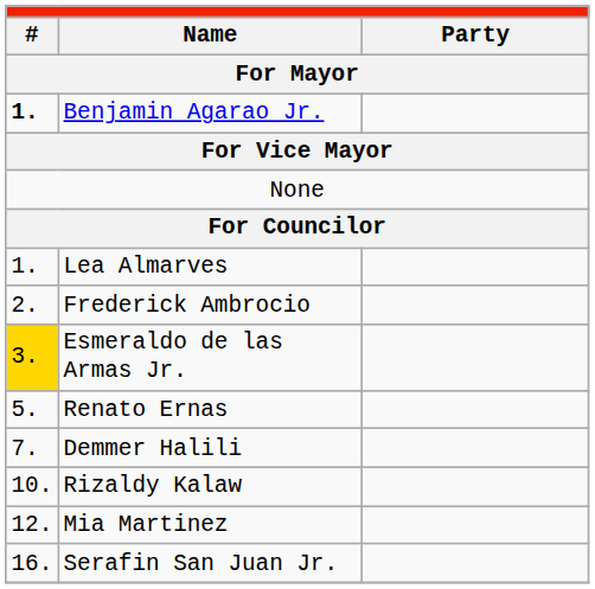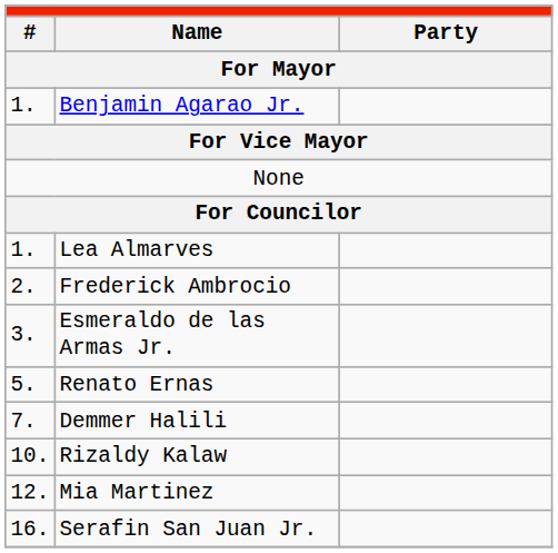 <table class="wikitable" style="font-size:90%">
 <tr>
 <td colspan="4" bgcolor="#ED3239;"></td>
 </tr>
 <tr>
 <th>#</th>
 <th width="150px">Name</th>
 <th colspan="2" width="110px">Party</th>
 </tr>
 <tr>
 <th colspan="4">For Mayor</th>
 </tr>
 <tr>
-<td><strong>1.</strong></td>
+<td>1.</td>
 <td><a href='#'>Benjamin Agarao Jr.</a></td>
 <td></td>
 </tr>
 <tr>
 <th colspan="4">For Vice Mayor</th>
 </tr>
 <tr>
 <td colspan="4" align="center">None</td>
 </tr>
 <tr>
 <th colspan="4">For Councilor</th>
 </tr>
 <tr>
 <td>1.</td>
 <td>Lea Almarves</td>
 <td></td>
 </tr>
 <tr>
 <td>2.</td>
 <td>Frederick Ambrocio</td>
 <td></td>
 </tr>
 <tr>
-<td style="background: gold;">3.</td>
+<td>3.</td>
 <td>Esmeraldo de las Armas Jr.</td>
 <td></td>
 </tr>
 <tr>
 <td>5.</td>
 <td>Renato Ernas</td>
 <td></td>
 </tr>
 <tr>
 <td>7.</td>
 <td>Demmer Halili</td>
 <td></td>
 </tr>
 <tr>
 <td>10.</td>
 <td>Rizaldy Kalaw</td>
 <td></td>
 </tr>
 <tr>
 <td>12.</td>
 <td>Mia Martinez</td>
 <td></td>
 </tr>
 <tr>
 <td>16.</td>
 <td>Serafin San Juan Jr.</td>
 <td></td>
 </tr>
 <tr>
 </tr>
 </table>
